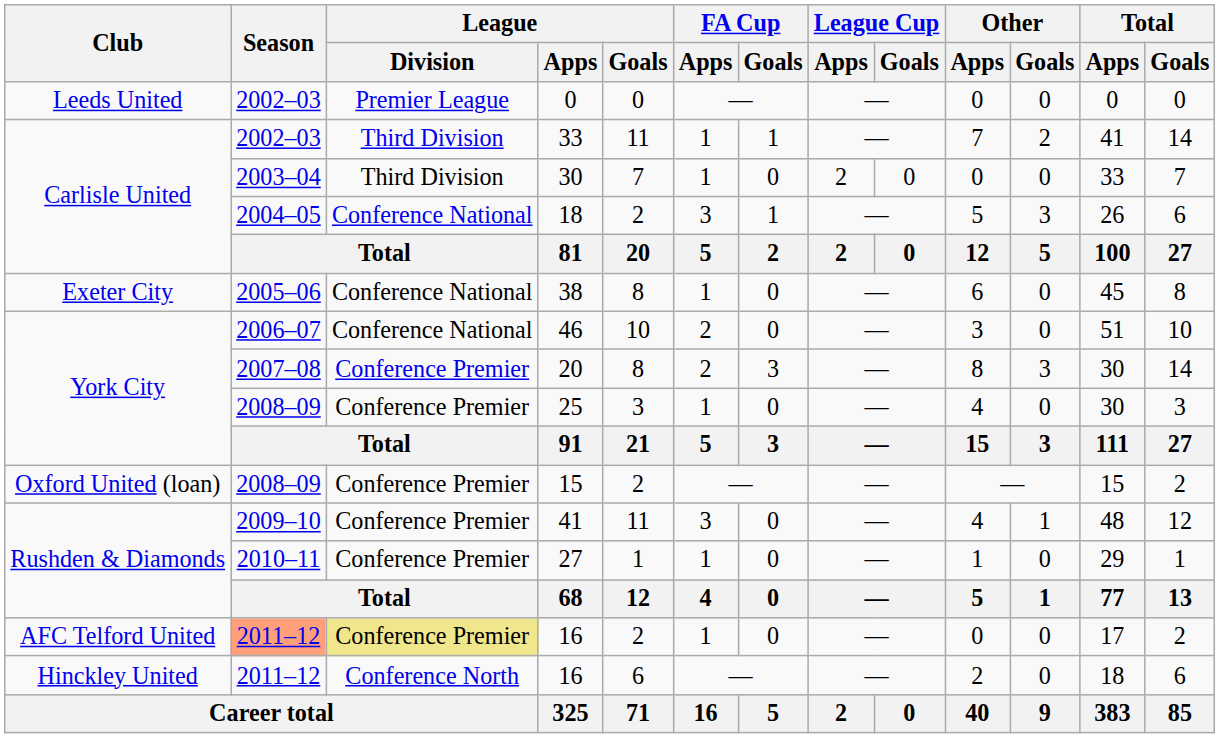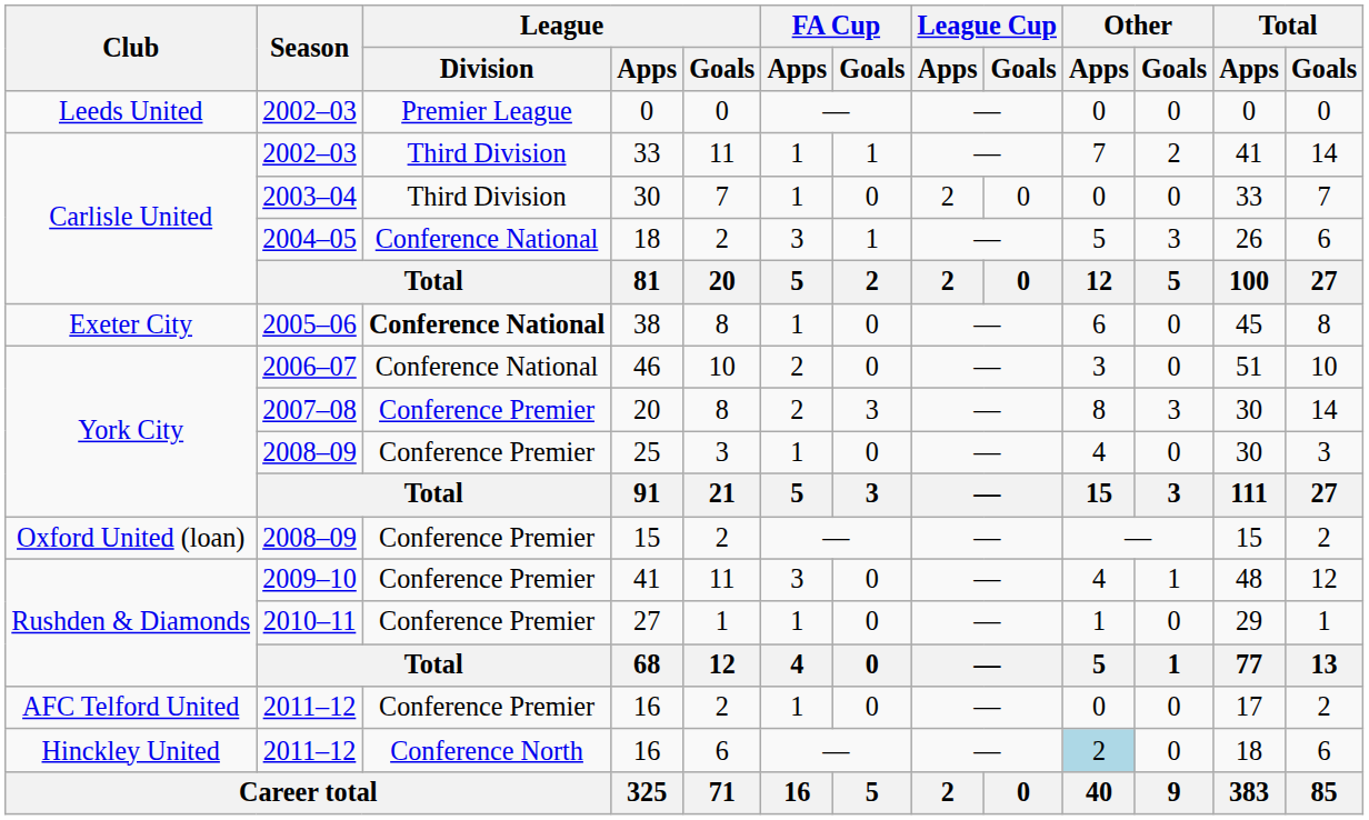 <table class="wikitable" style="text-align: center;">
 <tr>
 <th rowspan="2">Club</th>
 <th rowspan="2">Season</th>
 <th colspan="3">League</th>
 <th colspan="2"><a href='#'>FA Cup</a></th>
 <th colspan="2"><a href='#'>League Cup</a></th>
 <th colspan="2">Other</th>
 <th colspan="2">Total</th>
 </tr>
 <tr>
 <th>Division</th>
 <th>Apps</th>
 <th>Goals</th>
 <th>Apps</th>
 <th>Goals</th>
 <th>Apps</th>
 <th>Goals</th>
 <th>Apps</th>
 <th>Goals</th>
 <th>Apps</th>
 <th>Goals</th>
 </tr>
 <tr>
 <td><a href='#'>Leeds United</a></td>
 <td><a href='#'>2002–03</a></td>
 <td><a href='#'>Premier League</a></td>
 <td>0</td>
 <td>0</td>
 <td colspan="2">—</td>
 <td colspan="2">—</td>
 <td>0</td>
 <td>0</td>
 <td>0</td>
 <td>0</td>
 </tr>
 <tr>
 <td rowspan="4"><a href='#'>Carlisle United</a></td>
 <td><a href='#'>2002–03</a></td>
 <td><a href='#'>Third Division</a></td>
 <td>33</td>
 <td>11</td>
 <td>1</td>
 <td>1</td>
 <td colspan="2">—</td>
 <td>7</td>
 <td>2</td>
 <td>41</td>
 <td>14</td>
 </tr>
 <tr>
 <td><a href='#'>2003–04</a></td>
 <td>Third Division</td>
 <td>30</td>
 <td>7</td>
 <td>1</td>
 <td>0</td>
 <td>2</td>
 <td>0</td>
 <td>0</td>
 <td>0</td>
 <td>33</td>
 <td>7</td>
 </tr>
 <tr>
 <td><a href='#'>2004–05</a></td>
 <td><a href='#'>Conference National</a></td>
 <td>18</td>
 <td>2</td>
 <td>3</td>
 <td>1</td>
 <td colspan="2">—</td>
 <td>5</td>
 <td>3</td>
 <td>26</td>
 <td>6</td>
 </tr>
 <tr>
 <th colspan="2">Total</th>
 <th>81</th>
 <th>20</th>
 <th>5</th>
 <th>2</th>
 <th>2</th>
 <th>0</th>
 <th>12</th>
 <th>5</th>
 <th>100</th>
 <th>27</th>
 </tr>
 <tr>
 <td><a href='#'>Exeter City</a></td>
 <td><a href='#'>2005–06</a></td>
-<td>Conference National</td>
+<td><strong>Conference National</strong></td>
 <td>38</td>
 <td>8</td>
 <td>1</td>
 <td>0</td>
 <td colspan="2">—</td>
 <td>6</td>
 <td>0</td>
 <td>45</td>
 <td>8</td>
 </tr>
 <tr>
 <td rowspan="4"><a href='#'>York City</a></td>
 <td><a href='#'>2006–07</a></td>
 <td>Conference National</td>
 <td>46</td>
 <td>10</td>
 <td>2</td>
 <td>0</td>
 <td colspan="2">—</td>
 <td>3</td>
 <td>0</td>
 <td>51</td>
 <td>10</td>
 </tr>
 <tr>
 <td><a href='#'>2007–08</a></td>
 <td><a href='#'>Conference Premier</a></td>
 <td>20</td>
 <td>8</td>
 <td>2</td>
 <td>3</td>
 <td colspan="2">—</td>
 <td>8</td>
 <td>3</td>
 <td>30</td>
 <td>14</td>
 </tr>
 <tr>
 <td><a href='#'>2008–09</a></td>
 <td>Conference Premier</td>
 <td>25</td>
 <td>3</td>
 <td>1</td>
 <td>0</td>
 <td colspan="2">—</td>
 <td>4</td>
 <td>0</td>
 <td>30</td>
 <td>3</td>
 </tr>
 <tr>
 <th colspan="2">Total</th>
 <th>91</th>
 <th>21</th>
 <th>5</th>
 <th>3</th>
 <th colspan="2">—</th>
 <th>15</th>
 <th>3</th>
 <th>111</th>
 <th>27</th>
 </tr>
 <tr>
 <td><a href='#'>Oxford United</a> (loan)</td>
 <td><a href='#'>2008–09</a></td>
 <td>Conference Premier</td>
 <td>15</td>
 <td>2</td>
 <td colspan="2">—</td>
 <td colspan="2">—</td>
 <td colspan="2">—</td>
 <td>15</td>
 <td>2</td>
 </tr>
 <tr>
 <td rowspan="3"><a href='#'>Rushden & Diamonds</a></td>
 <td><a href='#'>2009–10</a></td>
 <td>Conference Premier</td>
 <td>41</td>
 <td>11</td>
 <td>3</td>
 <td>0</td>
 <td colspan="2">—</td>
 <td>4</td>
 <td>1</td>
 <td>48</td>
 <td>12</td>
 </tr>
 <tr>
 <td><a href='#'>2010–11</a></td>
 <td>Conference Premier</td>
 <td>27</td>
 <td>1</td>
 <td>1</td>
 <td>0</td>
 <td colspan="2">—</td>
 <td>1</td>
 <td>0</td>
 <td>29</td>
 <td>1</td>
 </tr>
 <tr>
 <th colspan="2">Total</th>
 <th>68</th>
 <th>12</th>
 <th>4</th>
 <th>0</th>
 <th colspan="2">—</th>
 <th>5</th>
 <th>1</th>
 <th>77</th>
 <th>13</th>
 </tr>
 <tr>
 <td><a href='#'>AFC Telford United</a></td>
-<td style="background: lightsalmon;"><a href='#'>2011–12</a></td>
-<td style="background: khaki;">Conference Premier</td>
+<td><a href='#'>2011–12</a></td>
+<td>Conference Premier</td>
 <td>16</td>
 <td>2</td>
 <td>1</td>
 <td>0</td>
 <td colspan="2">—</td>
 <td>0</td>
 <td>0</td>
 <td>17</td>
 <td>2</td>
 </tr>
 <tr>
 <td><a href='#'>Hinckley United</a></td>
 <td><a href='#'>2011–12</a></td>
 <td><a href='#'>Conference North</a></td>
 <td>16</td>
 <td>6</td>
 <td colspan="2">—</td>
 <td colspan="2">—</td>
-<td>2</td>
+<td style="background: lightblue;">2</td>
 <td>0</td>
 <td>18</td>
 <td>6</td>
 </tr>
 <tr>
 <th colspan="3">Career total</th>
 <th>325</th>
 <th>71</th>
 <th>16</th>
 <th>5</th>
 <th>2</th>
 <th>0</th>
 <th>40</th>
 <th>9</th>
 <th>383</th>
 <th>85</th>
 </tr>
 </table>
